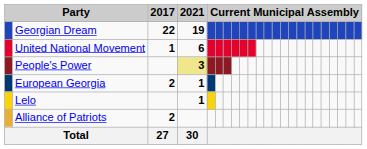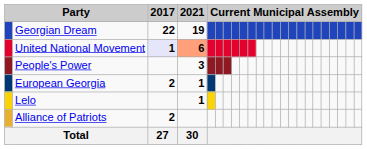 <table class="wikitable">
 <tr>
 <th style="background:#ccc" colspan="2">Party</th>
 <th style="background:#ccc">2017</th>
 <th style="background:#ccc">2021</th>
 <th colspan="40" style="background:#ccc">Current Municipal Assembly</th>
 </tr>
 <tr>
 <td style="background-color: #2044bc"> </td>
 <td><a href='#'>Georgian Dream</a></td>
 <td style="text-align: right"><strong>22</strong></td>
 <td style="text-align: right"><strong>19</strong></td>
 <td style="background-color: #2044bc"></td>
 <td style="background-color: #2044bc"> </td>
 <td style="background-color: #2044bc"> </td>
 <td style="background-color: #2044bc"> </td>
 <td style="background-color: #2044bc"> </td>
 <td style="background-color: #2044bc"> </td>
 <td style="background-color: #2044bc"> </td>
 <td style="background-color: #2044bc"> </td>
 <td style="background-color: #2044bc"> </td>
 <td style="background-color: #2044bc"> </td>
 <td style="background-color: #2044bc"> </td>
 <td style="background-color: #2044bc"> </td>
 <td style="background-color: #2044bc"> </td>
 <td style="background-color: #2044bc"> </td>
 <td style="background-color: #2044bc"> </td>
 <td style="background-color: #2044bc"> </td>
 <td style="background-color: #2044bc"> </td>
 <td style="background-color: #2044bc"> </td>
 <td style="background-color: #2044bc"> </td>
 </tr>
 <tr>
 <td style="background-color: #e4012e"> </td>
 <td><a href='#'>United National Movement</a></td>
-<td style="text-align: right"><strong>1</strong></td>
-<td style="text-align: right"><strong>6</strong></td>
+<td style="background: lavender; text-align: right"><strong>1</strong></td>
+<td style="background: lightsalmon; text-align: right"><strong>6</strong></td>
 <td style="background-color: #e4012e"></td>
 <td style="background-color: #e4012e"> </td>
 <td style="background-color: #e4012e"> </td>
 <td style="background-color: #e4012e"> </td>
 <td style="background-color: #e4012e"> </td>
 <td style="background-color: #e4012e"> </td>
 <td></td>
 <td></td>
 <td></td>
 <td></td>
 <td></td>
 <td></td>
 <td></td>
 <td></td>
 <td></td>
 <td></td>
 <td></td>
 <td></td>
 <td></td>
 </tr>
 <tr>
 <td style="background-color: #8e1922"> </td>
 <td><a href='#'>People's Power</a></td>
 <td></td>
-<td style="background: khaki; text-align: right"><strong>3</strong></td>
+<td style="text-align: right"><strong>3</strong></td>
 <td style="background-color: #8e1922"> </td>
 <td style="background-color: #8e1922"> </td>
 <td style="background-color: #8e1922"> </td>
 <td></td>
 <td></td>
 <td></td>
 <td></td>
 <td></td>
 <td></td>
 <td></td>
 <td></td>
 <td></td>
 <td></td>
 <td></td>
 <td></td>
 <td></td>
 <td></td>
 <td></td>
 <td></td>
 </tr>
 <tr>
 <td style="background-color: #003876"> </td>
 <td><a href='#'>European Georgia</a></td>
 <td style="text-align: right"><strong>2</strong></td>
 <td style="text-align: right"><strong>1</strong></td>
 <td style="background-color: #003876"> </td>
 <td></td>
 <td></td>
 <td></td>
 <td></td>
 <td></td>
 <td></td>
 <td></td>
 <td></td>
 <td></td>
 <td></td>
 <td></td>
 <td></td>
 <td></td>
 <td></td>
 <td></td>
 <td></td>
 <td></td>
 <td></td>
 </tr>
 <tr>
 <td style="background-color: #fad406"> </td>
 <td><a href='#'>Lelo</a></td>
 <td></td>
 <td style="text-align: right"><strong>1</strong></td>
 <td style="background-color: #fad406"> </td>
 <td></td>
 <td></td>
 <td></td>
 <td></td>
 <td></td>
 <td></td>
 <td></td>
 <td></td>
 <td></td>
 <td></td>
 <td></td>
 <td></td>
 <td></td>
 <td></td>
 <td></td>
 <td></td>
 <td></td>
 <td></td>
 </tr>
 <tr>
 <td style="background-color: #e7b031"> </td>
 <td><a href='#'>Alliance of Patriots</a></td>
 <td style="text-align: right"><strong>2</strong></td>
 <td></td>
 <td></td>
 <td></td>
 <td></td>
 <td></td>
 <td></td>
 <td></td>
 <td></td>
 <td></td>
 <td></td>
 <td></td>
 <td></td>
 <td></td>
 <td></td>
 <td></td>
 <td></td>
 <td></td>
 <td></td>
 <td></td>
 <td></td>
 </tr>
 <tr>
 <th colspan=2>Total</th>
 <th align=right>27</th>
 <th align=right>30</th>
 <th colspan="40"> </th>
 </tr>
 </table>
